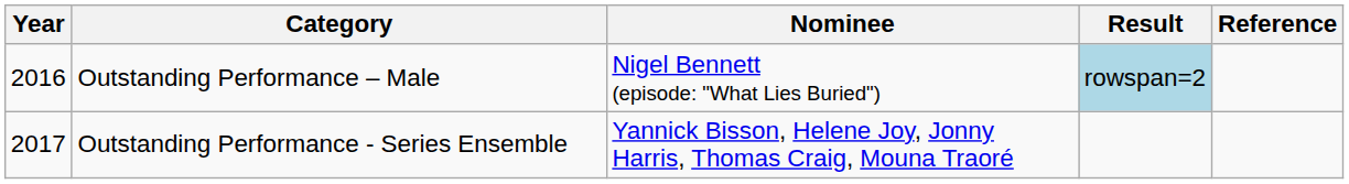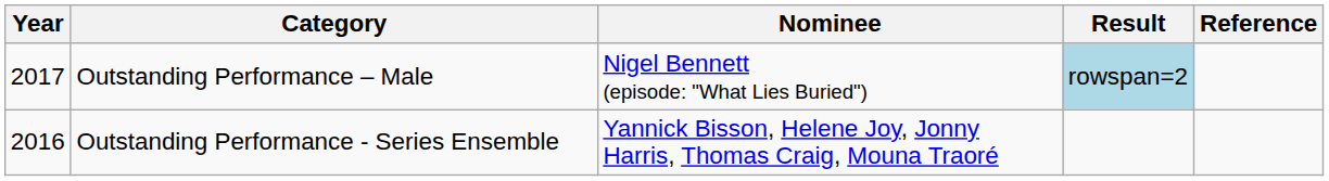 <table class="wikitable">
 <tr>
 <th width=5%>Year</th>
 <th width=45%>Category</th>
 <th width=40%>Nominee</th>
 <th width=10%>Result</th>
 <th width=5%>Reference</th>
 </tr>
 <tr>
-<td>2016</td>
+<td>2017</td>
 <td>Outstanding Performance – Male</td>
 <td><a href='#'>Nigel Bennett</a><br><small>(episode: "What Lies Buried")</small></td>
 <td style="background: lightblue;">rowspan=2 </td>
 <td></td>
 </tr>
 <tr>
-<td>2017</td>
+<td>2016</td>
 <td>Outstanding Performance - Series Ensemble</td>
 <td><a href='#'>Yannick Bisson</a>, <a href='#'>Helene Joy</a>, <a href='#'>Jonny Harris</a>, <a href='#'>Thomas Craig</a>, <a href='#'>Mouna Traoré</a></td>
 <td></td>
 </tr>
 </table>
